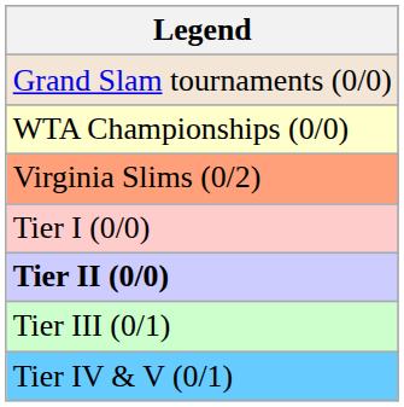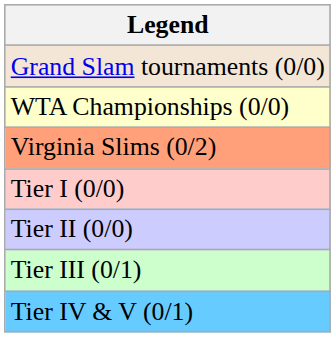 <table class="wikitable sortable mw-collapsible mw-collapsed">
 <tr>
 <th>Legend</th>
 </tr>
 <tr>
 <td style="background:#f3e6d7;"><a href='#'>Grand Slam</a> tournaments (0/0)</td>
 </tr>
 <tr>
 <td style="background:#ffc;">WTA Championships (0/0)</td>
 </tr>
 <tr>
 <td style="background: lightsalmon;">Virginia Slims (0/2)</td>
 </tr>
 <tr>
 <td style="background:#fcc;">Tier I (0/0)</td>
 </tr>
 <tr>
-<td style="background:#ccf;"><strong>Tier II (0/0)</strong></td>
+<td style="background:#ccf;">Tier II (0/0)</td>
 </tr>
 <tr>
 <td style="background:#cfc;">Tier III (0/1)</td>
 </tr>
 <tr>
 <td style="background:#6cf;">Tier IV & V (0/1)</td>
 </tr>
 </table>
